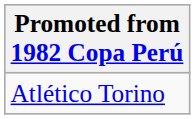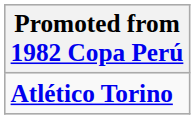 <table class="wikitable">
 <tr>
 <th>Promoted from<br><a href='#'>1982 Copa Perú</a></th>
 </tr>
 <tr>
-<td> <a href='#'>Atlético Torino</a> </td>
+<td><strong> <a href='#'>Atlético Torino</a> </strong></td>
 </tr>
 </table>
